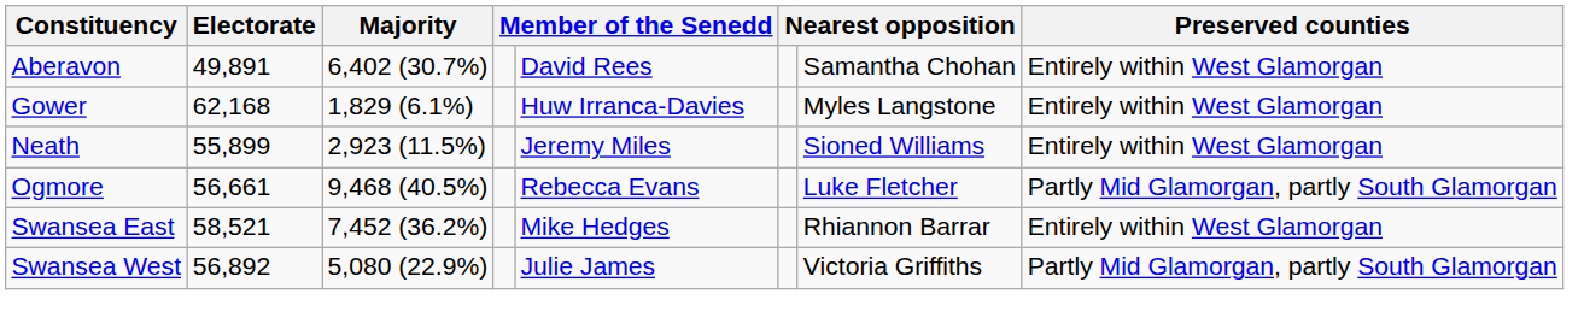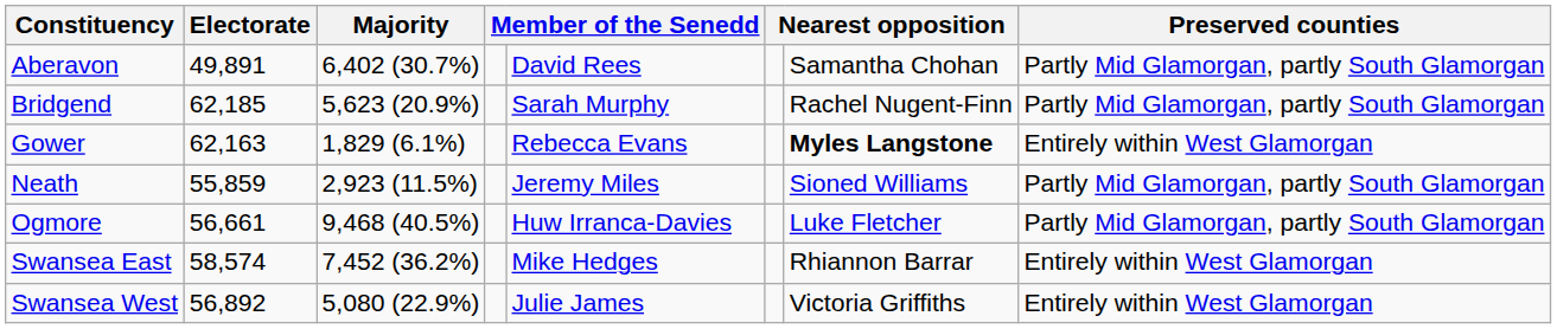 <table class="wikitable sortable">
 <tr>
 <th>Constituency</th>
 <th>Electorate</th>
 <th>Majority</th>
 <th colspan=2 class=unsortable><a href='#'>Member of the Senedd</a></th>
 <th colspan=2 class=unsortable>Nearest opposition</th>
 <th class="unsortable">Preserved counties</th>
 </tr>
 <tr>
 <td><a href='#'>Aberavon</a></td>
 <td>49,891</td>
 <td>6,402 (30.7%)</td>
 <td> </td>
 <td><a href='#'>David Rees</a></td>
 <td bgcolor=> </td>
 <td>Samantha Chohan</td>
-<td>Entirely within <a href='#'>West Glamorgan</a></td>
+<td>Partly <a href='#'>Mid Glamorgan</a>, partly <a href='#'>South Glamorgan</a></td>
+</tr>
+<tr>
+<td><a href='#'>Bridgend</a></td>
+<td>62,185</td>
+<td>5,623 (20.9%)</td>
+<td> </td>
+<td><a href='#'>Sarah Murphy</a></td>
+<td> </td>
+<td>Rachel Nugent-Finn</td>
+<td>Partly <a href='#'>Mid Glamorgan</a>, partly <a href='#'>South Glamorgan</a></td>
 </tr>
 <tr>
 <td><a href='#'>Gower</a></td>
-<td>62,168</td>
+<td>62,163</td>
 <td>1,829 (6.1%)</td>
 <td> </td>
-<td><a href='#'>Huw Irranca-Davies</a></td>
+<td><a href='#'>Rebecca Evans</a></td>
 <td> </td>
-<td>Myles Langstone</td>
+<td><strong>Myles Langstone</strong></td>
 <td>Entirely within <a href='#'>West Glamorgan</a></td>
 </tr>
 <tr>
 <td><a href='#'>Neath</a></td>
-<td>55,899</td>
+<td>55,859</td>
 <td>2,923 (11.5%)</td>
 <td> </td>
 <td><a href='#'>Jeremy Miles</a></td>
 <td bgcolor=> </td>
 <td><a href='#'>Sioned Williams</a></td>
-<td>Entirely within <a href='#'>West Glamorgan</a></td>
+<td>Partly <a href='#'>Mid Glamorgan</a>, partly <a href='#'>South Glamorgan</a></td>
 </tr>
 <tr>
 <td><a href='#'>Ogmore</a></td>
 <td>56,661</td>
 <td>9,468 (40.5%)</td>
 <td> </td>
-<td><a href='#'>Rebecca Evans</a></td>
+<td><a href='#'>Huw Irranca-Davies</a></td>
 <td bgcolor=> </td>
 <td><a href='#'>Luke Fletcher</a></td>
 <td>Partly <a href='#'>Mid Glamorgan</a>, partly <a href='#'>South Glamorgan</a></td>
 </tr>
 <tr>
 <td><a href='#'>Swansea East</a></td>
-<td>58,521</td>
+<td>58,574</td>
 <td>7,452 (36.2%)</td>
 <td> </td>
 <td><a href='#'>Mike Hedges</a></td>
 <td bgcolor=> </td>
 <td>Rhiannon Barrar</td>
 <td>Entirely within <a href='#'>West Glamorgan</a></td>
 </tr>
 <tr>
 <td><a href='#'>Swansea West</a></td>
 <td>56,892</td>
 <td>5,080 (22.9%)</td>
 <td> </td>
 <td><a href='#'>Julie James</a></td>
 <td> </td>
 <td>Victoria Griffiths</td>
-<td>Partly <a href='#'>Mid Glamorgan</a>, partly <a href='#'>South Glamorgan</a></td>
+<td>Entirely within <a href='#'>West Glamorgan</a></td>
 </tr>
 </table>
